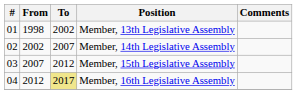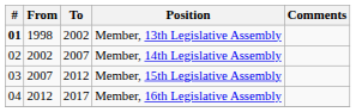 <table class="wikitable sortable">
 <tr>
 <th>#</th>
 <th>From</th>
 <th>To</th>
 <th>Position</th>
 <th>Comments</th>
 </tr>
 <tr>
-<td>01</td>
+<td><strong>01</strong></td>
 <td>1998</td>
 <td>2002</td>
 <td>Member, <a href='#'>13th Legislative Assembly</a></td>
 <td></td>
 </tr>
 <tr>
 <td>02</td>
 <td>2002</td>
 <td>2007</td>
 <td>Member, <a href='#'>14th Legislative Assembly</a></td>
 <td></td>
 </tr>
 <tr>
 <td>03</td>
 <td>2007</td>
 <td>2012</td>
 <td>Member, <a href='#'>15th Legislative Assembly</a></td>
 <td></td>
 </tr>
 <tr>
 <td>04</td>
 <td>2012</td>
-<td style="background: khaki;">2017</td>
+<td>2017</td>
 <td>Member, <a href='#'>16th Legislative Assembly</a></td>
 <td></td>
 </tr>
 <tr>
 </tr>
 </table>
